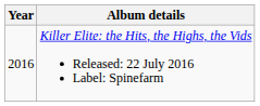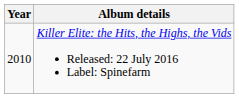 <table class=wikitable>
 <tr>
 <th>Year</th>
 <th>Album details</th>
 </tr>
 <tr>
-<td>2016</td>
+<td>2010</td>
 <td><em><a href='#'>Killer Elite: the Hits, the Highs, the Vids</a></em><br><ul><li>Released: 22 July 2016</li><li>Label: Spinefarm</li></ul></td>
 </tr>
 </table>
